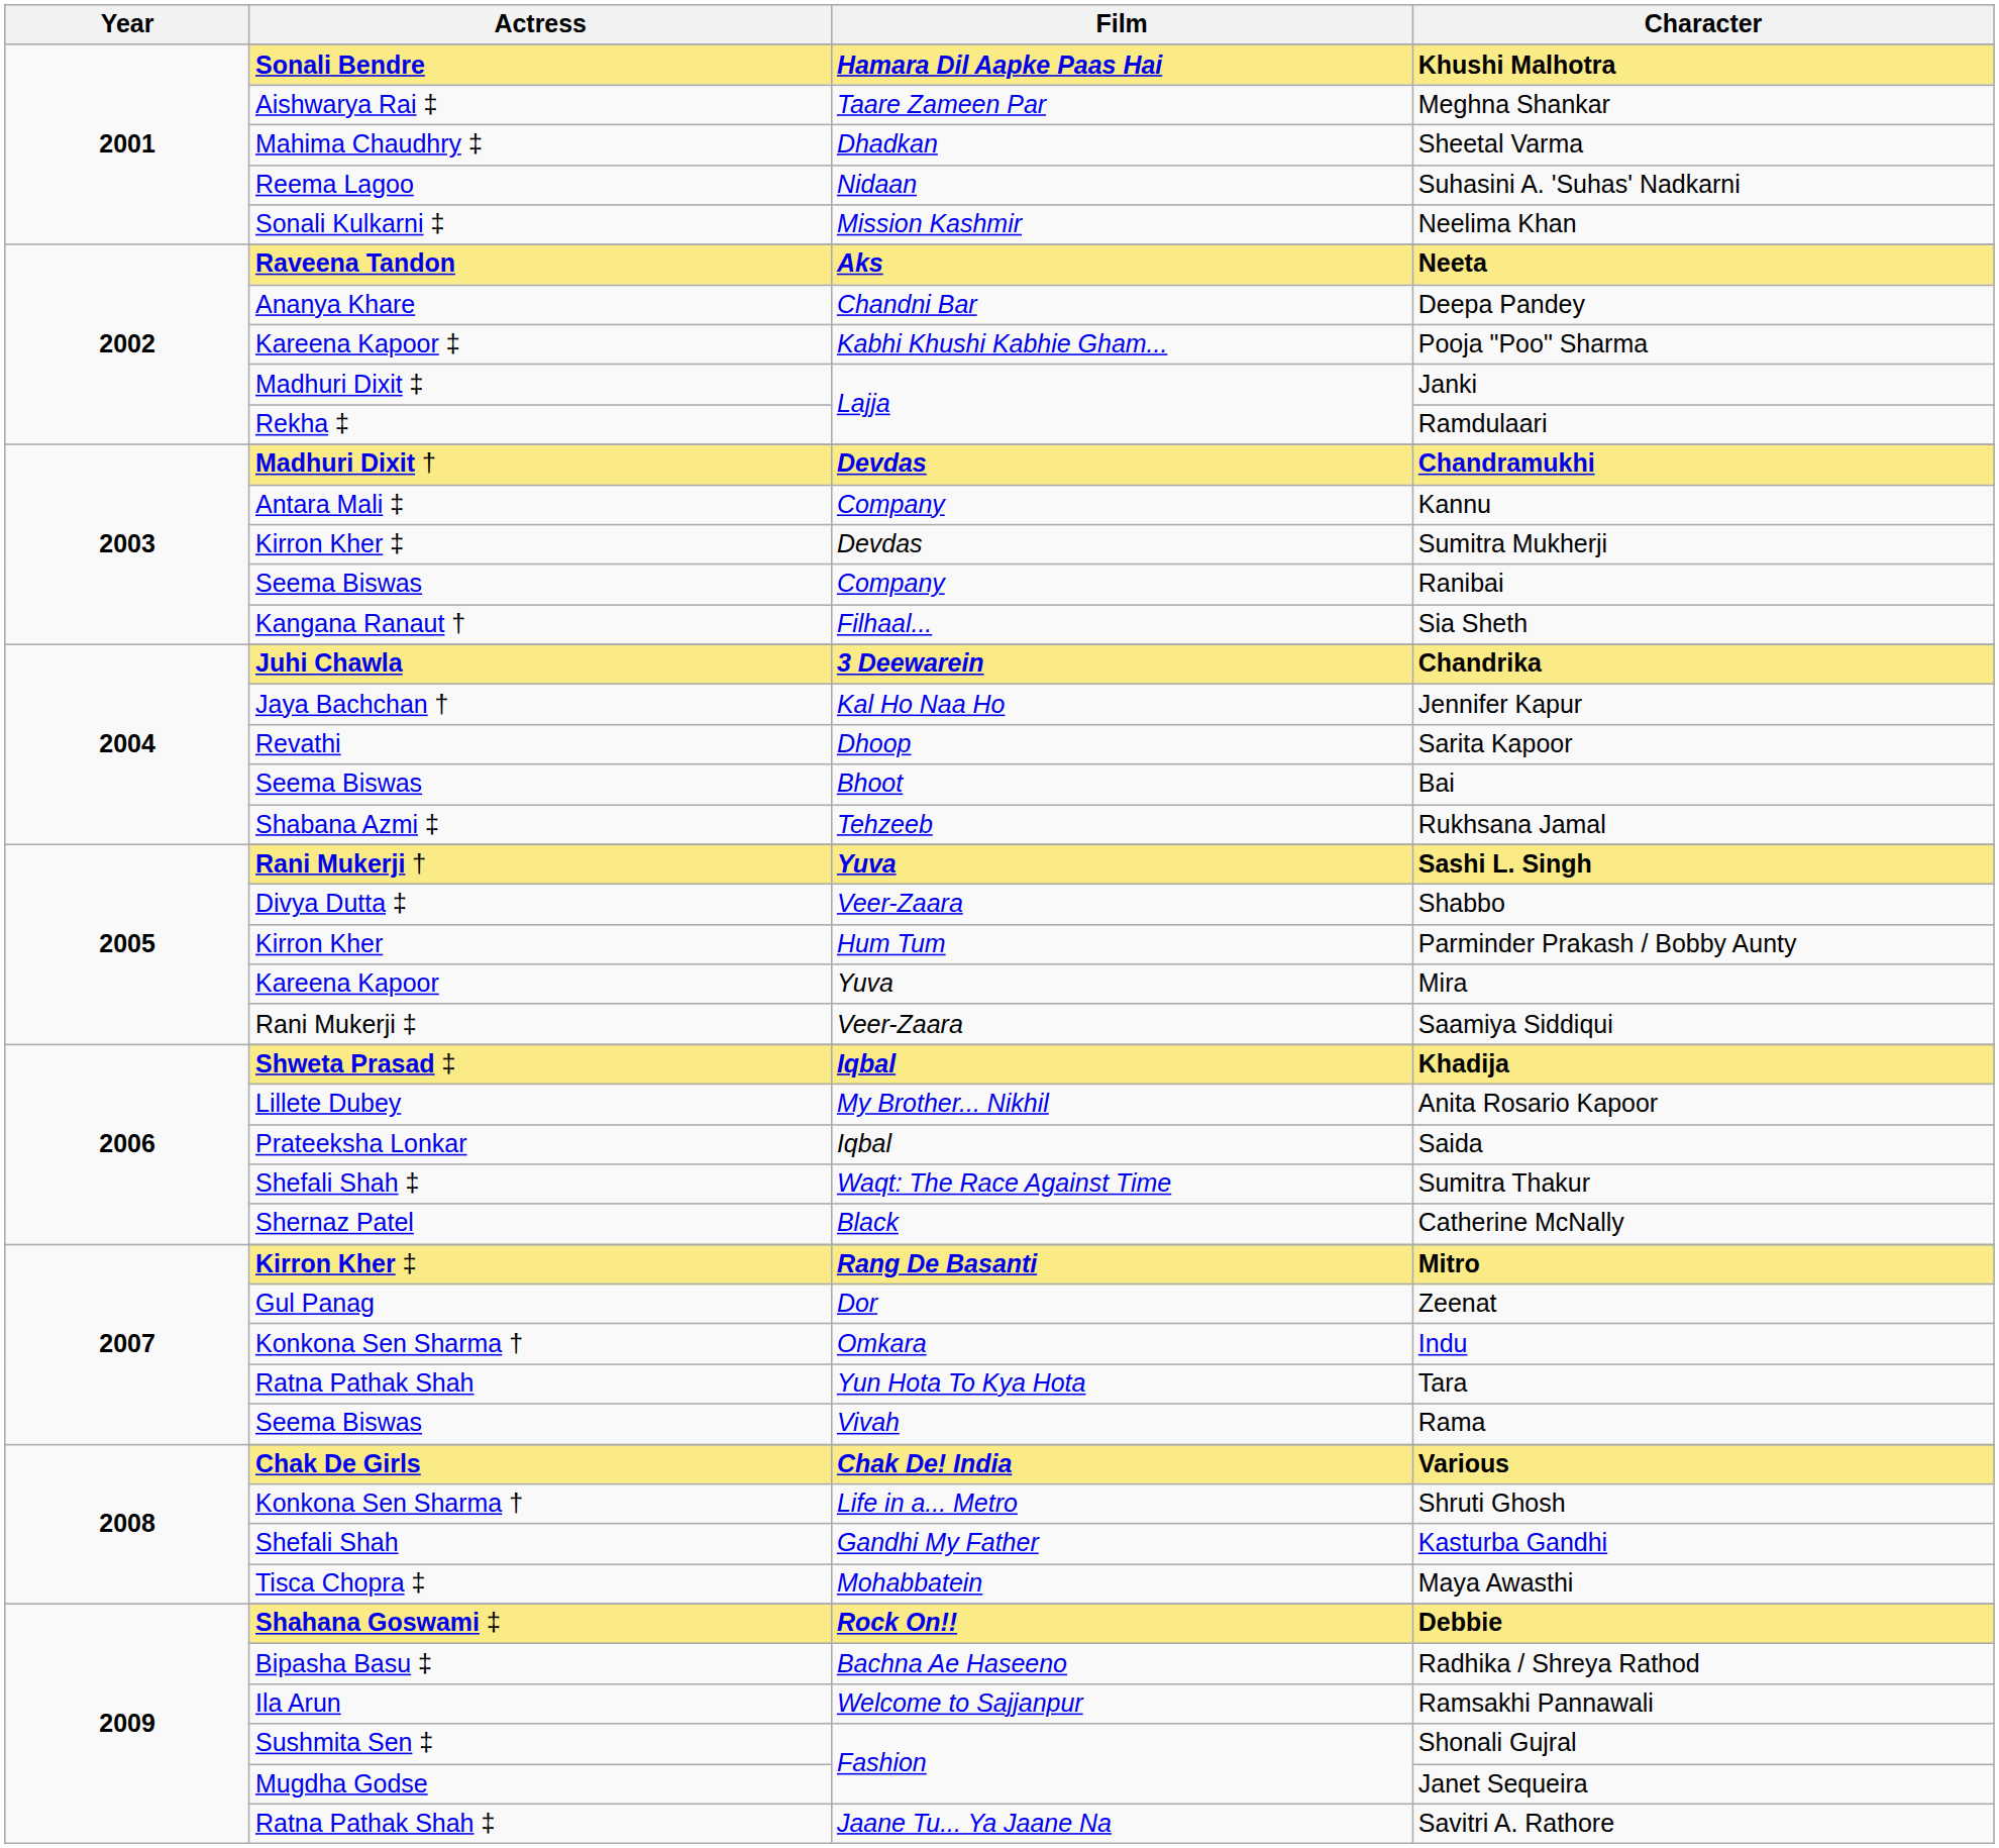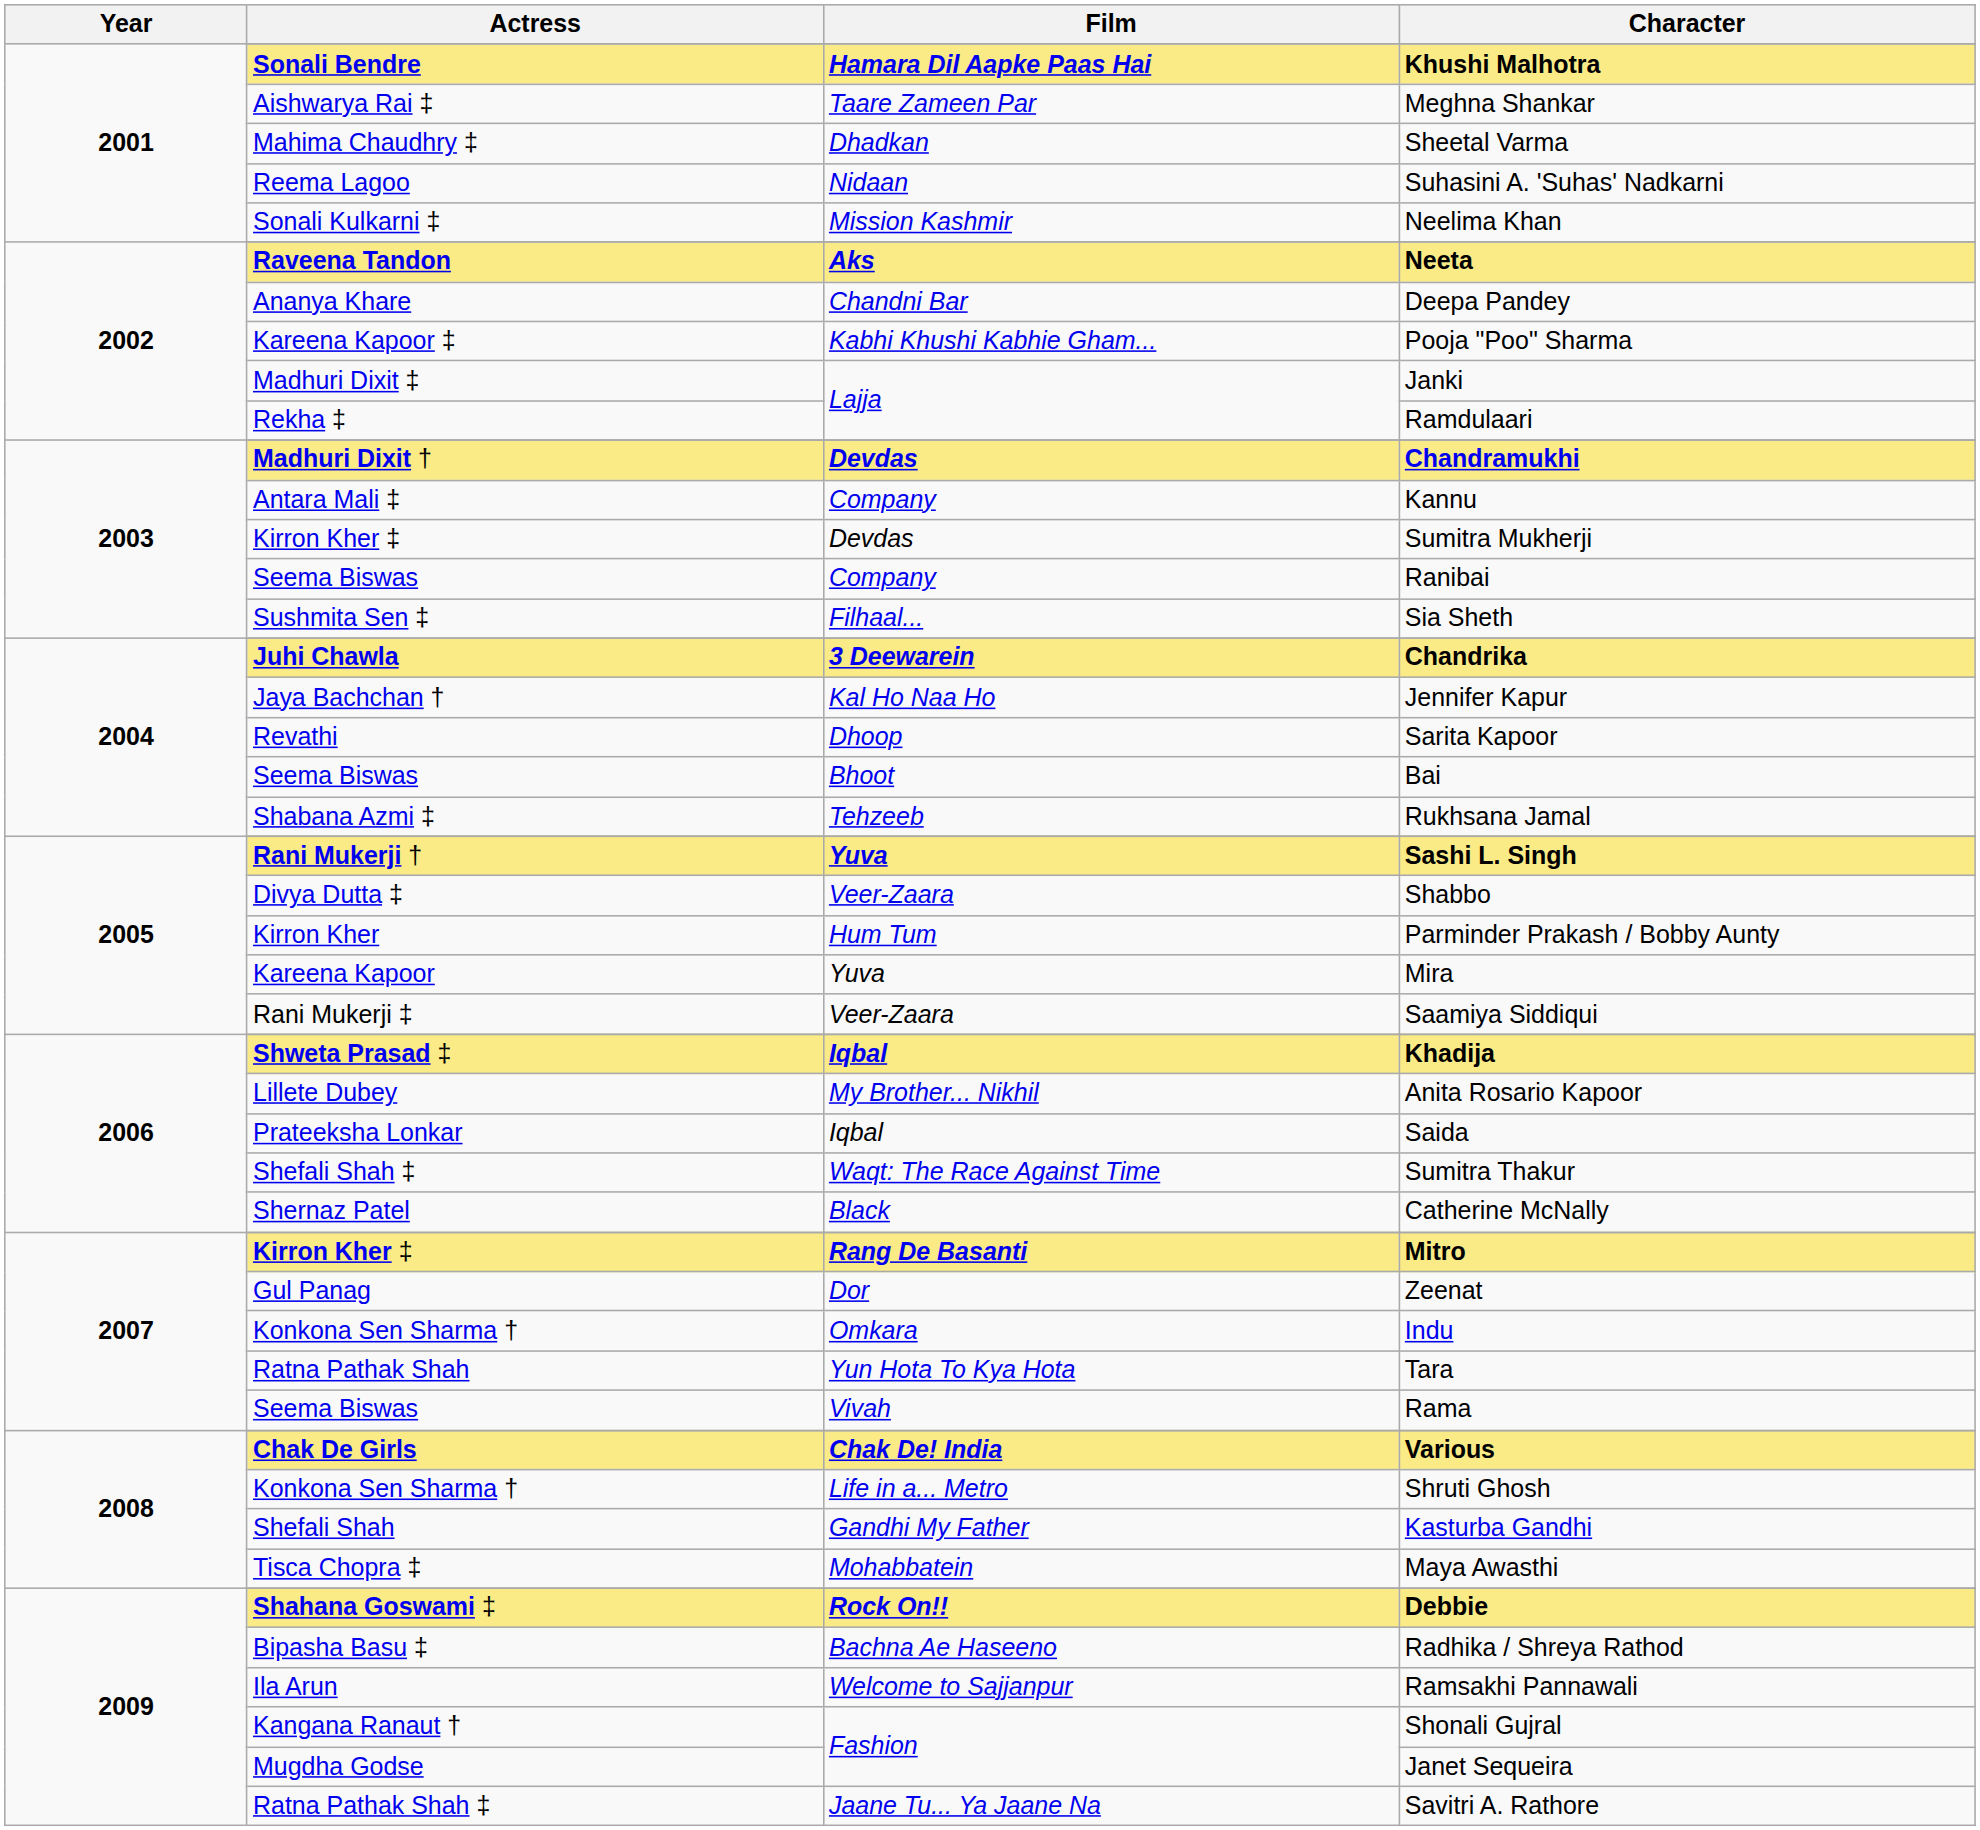 <table class="wikitable" style="width:100%">
 <tr bgcolor="#d1e4fd">
 <th width="8%">Year</th>
 <th width="19%">Actress</th>
 <th width="19%">Film</th>
 <th width="19%">Character</th>
 </tr>
 <tr>
 <td rowspan=6 style="text-align:center"><strong>2001</strong></td>
 </tr>
 <tr style="background:#FAEB86;">
 <td><strong><a href='#'>Sonali Bendre</a></strong></td>
 <td><strong><em><a href='#'>Hamara Dil Aapke Paas Hai</a></em></strong></td>
 <td><strong>Khushi Malhotra</strong></td>
 </tr>
 <tr>
 <td><a href='#'>Aishwarya Rai</a> ‡</td>
 <td><em><a href='#'>Taare Zameen Par</a></em></td>
 <td>Meghna Shankar</td>
 </tr>
 <tr>
 <td><a href='#'>Mahima Chaudhry</a> ‡</td>
 <td><em><a href='#'>Dhadkan</a></em></td>
 <td>Sheetal Varma</td>
 </tr>
 <tr>
 <td><a href='#'>Reema Lagoo</a></td>
 <td><em><a href='#'>Nidaan</a></em></td>
 <td>Suhasini A. 'Suhas' Nadkarni</td>
 </tr>
 <tr>
 <td><a href='#'>Sonali Kulkarni</a> ‡</td>
 <td><em><a href='#'>Mission Kashmir</a></em></td>
 <td>Neelima Khan</td>
 </tr>
 <tr>
 <td rowspan=6 style="text-align:center"><strong>2002</strong></td>
 </tr>
 <tr style="background:#FAEB86;">
 <td><strong><a href='#'>Raveena Tandon</a></strong></td>
 <td><strong><em><a href='#'>Aks</a></em></strong></td>
 <td><strong>Neeta</strong></td>
 </tr>
 <tr>
 <td><a href='#'>Ananya Khare</a></td>
 <td><em><a href='#'>Chandni Bar</a></em></td>
 <td>Deepa Pandey</td>
 </tr>
 <tr>
 <td><a href='#'>Kareena Kapoor</a> ‡</td>
 <td><em><a href='#'>Kabhi Khushi Kabhie Gham...</a></em></td>
 <td>Pooja "Poo" Sharma</td>
 </tr>
 <tr>
 <td><a href='#'>Madhuri Dixit</a> ‡</td>
 <td rowspan="2"><em><a href='#'>Lajja</a></em></td>
 <td>Janki</td>
 </tr>
 <tr>
 <td><a href='#'>Rekha</a> ‡</td>
 <td>Ramdulaari</td>
 </tr>
 <tr>
 <td rowspan=6 style="text-align:center"><strong>2003</strong></td>
 </tr>
 <tr style="background:#FAEB86;">
 <td><strong><a href='#'>Madhuri Dixit</a></strong> †</td>
 <td><strong><em><a href='#'>Devdas</a></em></strong></td>
 <td><strong><a href='#'>Chandramukhi</a></strong></td>
 </tr>
 <tr>
 <td><a href='#'>Antara Mali</a> ‡</td>
 <td><em><a href='#'>Company</a></em></td>
 <td>Kannu</td>
 </tr>
 <tr>
 <td><a href='#'>Kirron Kher</a> ‡</td>
 <td><em>Devdas</em></td>
 <td>Sumitra Mukherji</td>
 </tr>
 <tr>
 <td><a href='#'>Seema Biswas</a></td>
 <td><em><a href='#'>Company</a></em></td>
 <td>Ranibai</td>
 </tr>
 <tr>
-<td><a href='#'>Kangana Ranaut</a> †</td>
+<td><a href='#'>Sushmita Sen</a> ‡</td>
 <td><em><a href='#'>Filhaal...</a></em></td>
 <td>Sia Sheth</td>
 </tr>
 <tr>
 <td rowspan=6 style="text-align:center"><strong>2004</strong></td>
 </tr>
 <tr style="background:#FAEB86;">
 <td><strong><a href='#'>Juhi Chawla</a></strong></td>
 <td><strong><em><a href='#'>3 Deewarein</a></em></strong></td>
 <td><strong>Chandrika</strong></td>
 </tr>
 <tr>
 <td><a href='#'>Jaya Bachchan</a> †</td>
 <td><em><a href='#'>Kal Ho Naa Ho</a></em></td>
 <td>Jennifer Kapur</td>
 </tr>
 <tr>
 <td><a href='#'>Revathi</a></td>
 <td><em><a href='#'>Dhoop</a></em></td>
 <td>Sarita Kapoor</td>
 </tr>
 <tr>
 <td><a href='#'>Seema Biswas</a></td>
 <td><em><a href='#'>Bhoot</a></em></td>
 <td>Bai</td>
 </tr>
 <tr>
 <td><a href='#'>Shabana Azmi</a> ‡</td>
 <td><em><a href='#'>Tehzeeb</a></em></td>
 <td>Rukhsana Jamal</td>
 </tr>
 <tr>
 <td rowspan=6 style="text-align:center"><strong>2005</strong></td>
 </tr>
 <tr style="background:#FAEB86;">
 <td><strong><a href='#'>Rani Mukerji</a></strong> †</td>
 <td><strong><em><a href='#'>Yuva</a></em></strong></td>
 <td><strong>Sashi L. Singh</strong></td>
 </tr>
 <tr>
 <td><a href='#'>Divya Dutta</a> ‡</td>
 <td><em><a href='#'>Veer-Zaara</a></em></td>
 <td>Shabbo</td>
 </tr>
 <tr>
 <td><a href='#'>Kirron Kher</a></td>
 <td><em><a href='#'>Hum Tum</a></em></td>
 <td>Parminder Prakash / Bobby Aunty</td>
 </tr>
 <tr>
 <td><a href='#'>Kareena Kapoor</a></td>
 <td><em>Yuva</em></td>
 <td>Mira</td>
 </tr>
 <tr>
 <td>Rani Mukerji ‡</td>
 <td><em>Veer-Zaara</em></td>
 <td>Saamiya Siddiqui</td>
 </tr>
 <tr>
 <td rowspan=6 style="text-align:center"><strong>2006</strong></td>
 </tr>
 <tr style="background:#FAEB86;">
 <td><strong><a href='#'>Shweta Prasad</a></strong> ‡</td>
 <td><strong><em><a href='#'>Iqbal</a></em></strong></td>
 <td><strong>Khadija</strong></td>
 </tr>
 <tr>
 <td><a href='#'>Lillete Dubey</a></td>
 <td><em><a href='#'>My Brother... Nikhil</a></em></td>
 <td>Anita Rosario Kapoor</td>
 </tr>
 <tr>
 <td><a href='#'>Prateeksha Lonkar</a></td>
 <td><em>Iqbal</em></td>
 <td>Saida</td>
 </tr>
 <tr>
 <td><a href='#'>Shefali Shah</a> ‡</td>
 <td><em><a href='#'>Waqt: The Race Against Time</a></em></td>
 <td>Sumitra Thakur</td>
 </tr>
 <tr>
 <td><a href='#'>Shernaz Patel</a></td>
 <td><em><a href='#'>Black</a></em></td>
 <td>Catherine McNally</td>
 </tr>
 <tr>
 <td rowspan=6 style="text-align:center"><strong>2007</strong></td>
 </tr>
 <tr style="background:#FAEB86;">
 <td><strong><a href='#'>Kirron Kher</a></strong> ‡</td>
 <td><strong><em><a href='#'>Rang De Basanti</a></em></strong></td>
 <td><strong>Mitro</strong></td>
 </tr>
 <tr>
 <td><a href='#'>Gul Panag</a></td>
 <td><em><a href='#'>Dor</a></em></td>
 <td>Zeenat</td>
 </tr>
 <tr>
 <td><a href='#'>Konkona Sen Sharma</a> †</td>
 <td><em><a href='#'>Omkara</a></em></td>
 <td><a href='#'>Indu</a></td>
 </tr>
 <tr>
 <td><a href='#'>Ratna Pathak Shah</a></td>
 <td><em><a href='#'>Yun Hota To Kya Hota</a></em></td>
 <td>Tara</td>
 </tr>
 <tr>
 <td><a href='#'>Seema Biswas</a></td>
 <td><em><a href='#'>Vivah</a></em></td>
 <td>Rama</td>
 </tr>
 <tr>
 <td rowspan=5 style="text-align:center"><strong>2008</strong></td>
 </tr>
 <tr style="background:#FAEB86;">
 <td><strong><a href='#'>Chak De Girls</a></strong></td>
 <td><strong><em><a href='#'>Chak De! India</a></em></strong></td>
 <td><strong>Various</strong></td>
 </tr>
 <tr>
 <td><a href='#'>Konkona Sen Sharma</a> †</td>
 <td><em><a href='#'>Life in a... Metro</a></em></td>
 <td>Shruti Ghosh</td>
 </tr>
 <tr>
 <td><a href='#'>Shefali Shah</a></td>
 <td><em><a href='#'>Gandhi My Father</a></em></td>
 <td><a href='#'>Kasturba Gandhi</a></td>
 </tr>
 <tr>
 <td><a href='#'>Tisca Chopra</a> ‡</td>
 <td><em><a href='#'>Mohabbatein</a></em></td>
 <td>Maya Awasthi</td>
 </tr>
 <tr>
 <td rowspan=7 style="text-align:center"><strong>2009</strong></td>
 </tr>
 <tr style="background:#FAEB86;">
 <td><strong><a href='#'>Shahana Goswami</a></strong> ‡</td>
 <td><strong><em><a href='#'>Rock On!!</a></em></strong></td>
 <td><strong>Debbie</strong></td>
 </tr>
 <tr>
 <td><a href='#'>Bipasha Basu</a> ‡</td>
 <td><em><a href='#'>Bachna Ae Haseeno</a></em></td>
 <td>Radhika / Shreya Rathod</td>
 </tr>
 <tr>
 <td><a href='#'>Ila Arun</a></td>
 <td><em><a href='#'>Welcome to Sajjanpur</a></em></td>
 <td>Ramsakhi Pannawali</td>
 </tr>
 <tr>
-<td><a href='#'>Sushmita Sen</a> ‡</td>
+<td><a href='#'>Kangana Ranaut</a> †</td>
 <td rowspan="2"><em><a href='#'>Fashion</a></em></td>
 <td>Shonali Gujral</td>
 </tr>
 <tr>
 <td><a href='#'>Mugdha Godse</a></td>
 <td>Janet Sequeira</td>
 </tr>
 <tr>
 <td><a href='#'>Ratna Pathak Shah</a> ‡</td>
 <td><em><a href='#'>Jaane Tu... Ya Jaane Na</a></em></td>
 <td>Savitri A. Rathore</td>
 </tr>
 </table>
